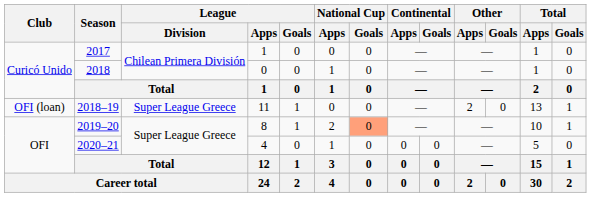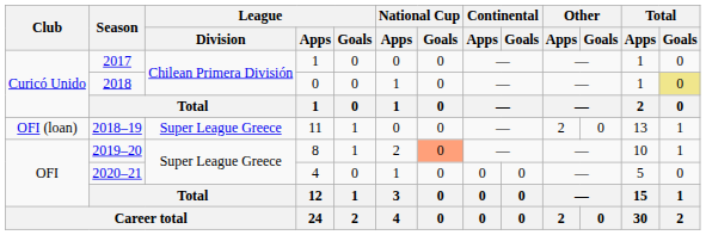 <table class="wikitable" style="text-align: center">
 <tr>
 <th rowspan="2">Club</th>
 <th rowspan="2">Season</th>
 <th colspan="3">League</th>
 <th colspan="2">National Cup</th>
 <th colspan="2">Continental</th>
 <th colspan="2">Other</th>
 <th colspan="2">Total</th>
 </tr>
 <tr>
 <th>Division</th>
 <th>Apps</th>
 <th>Goals</th>
 <th>Apps</th>
 <th>Goals</th>
 <th>Apps</th>
 <th>Goals</th>
 <th>Apps</th>
 <th>Goals</th>
 <th>Apps</th>
 <th>Goals</th>
 </tr>
 <tr>
 <td rowspan="3"><a href='#'>Curicó Unido</a></td>
 <td><a href='#'>2017</a></td>
 <td rowspan="2"><a href='#'>Chilean Primera División</a></td>
 <td>1</td>
 <td>0</td>
 <td>0</td>
 <td>0</td>
 <td colspan="2">—</td>
 <td colspan="2">—</td>
 <td>1</td>
 <td>0</td>
 </tr>
 <tr>
 <td><a href='#'>2018</a></td>
 <td>0</td>
 <td>0</td>
 <td>1</td>
 <td>0</td>
 <td colspan="2">—</td>
 <td colspan="2">—</td>
 <td>1</td>
-<td>0</td>
+<td style="background: khaki;">0</td>
 </tr>
 <tr>
 <th colspan="2">Total</th>
 <th>1</th>
 <th>0</th>
 <th>1</th>
 <th>0</th>
 <th colspan="2">—</th>
 <th colspan="2">—</th>
 <th>2</th>
 <th>0</th>
 </tr>
 <tr>
 <td><a href='#'>OFI</a> (loan)</td>
 <td><a href='#'>2018–19</a></td>
 <td><a href='#'>Super League Greece</a></td>
 <td>11</td>
 <td>1</td>
 <td>0</td>
 <td>0</td>
 <td colspan="2">—</td>
 <td>2</td>
 <td>0</td>
 <td>13</td>
 <td>1</td>
 </tr>
 <tr>
 <td rowspan="3">OFI</td>
 <td><a href='#'>2019–20</a></td>
 <td rowspan="2">Super League Greece</td>
 <td>8</td>
 <td>1</td>
 <td>2</td>
 <td style="background: lightsalmon;">0</td>
 <td colspan="2">—</td>
 <td colspan="2">—</td>
 <td>10</td>
 <td>1</td>
 </tr>
 <tr>
 <td><a href='#'>2020–21</a></td>
 <td>4</td>
 <td>0</td>
 <td>1</td>
 <td>0</td>
 <td>0</td>
 <td>0</td>
 <td colspan="2">—</td>
 <td>5</td>
 <td>0</td>
 </tr>
 <tr>
 <th colspan="2">Total</th>
 <th>12</th>
 <th>1</th>
 <th>3</th>
 <th>0</th>
 <th>0</th>
 <th>0</th>
 <th colspan="2">—</th>
 <th>15</th>
 <th>1</th>
 </tr>
 <tr>
 <th colspan="3">Career total</th>
 <th>24</th>
 <th>2</th>
 <th>4</th>
 <th>0</th>
 <th>0</th>
 <th>0</th>
 <th>2</th>
 <th>0</th>
 <th>30</th>
 <th>2</th>
 </tr>
 </table>
